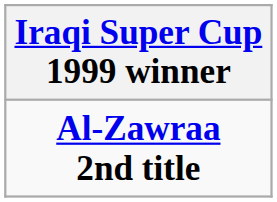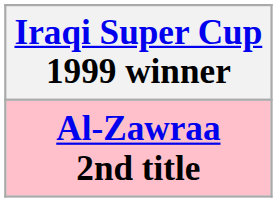 <table class="wikitable" style="text-align: center; margin: 0 auto;">
 <tr>
 <th><a href='#'>Iraqi Super Cup</a><br>1999 winner</th>
 </tr>
 <tr>
-<td><strong><a href='#'>Al-Zawraa</a></strong><br><strong>2nd title</strong></td>
+<td style="background: pink;"><strong><a href='#'>Al-Zawraa</a></strong><br><strong>2nd title</strong></td>
 </tr>
 </table>
